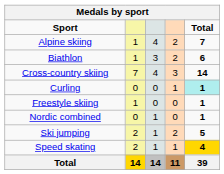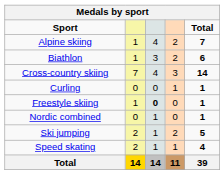 <table class="wikitable" style="font-size:85%; float:right; clear:right; min-width:308px">
 <tr style="background:#efefef;">
 <th colspan=5>Medals by sport</th>
 </tr>
 <tr align=center>
 <td><strong>Sport</strong></td>
 <td bgcolor=#f7f6a8></td>
 <td bgcolor=#dce5e5></td>
 <td bgcolor=#ffdab9></td>
 <td><strong>Total</strong></td>
 </tr>
 <tr align=center>
 <td><a href='#'>Alpine skiing</a></td>
 <td style="background:#F7F6A8;">1</td>
 <td style="background:#DCE5E5;">4</td>
 <td style="background:#FFDAB9;">2</td>
 <td><strong>7</strong></td>
 </tr>
 <tr align=center>
 <td><a href='#'>Biathlon</a></td>
 <td style="background:#F7F6A8;">1</td>
 <td style="background:#DCE5E5;">3</td>
 <td style="background:#FFDAB9;">2</td>
 <td><strong>6</strong></td>
 </tr>
 <tr align=center>
 <td><a href='#'>Cross-country skiing</a></td>
 <td style="background:#F7F6A8;">7</td>
 <td style="background:#DCE5E5;">4</td>
 <td style="background:#FFDAB9;">3</td>
 <td><strong>14</strong></td>
 </tr>
 <tr align=center>
 <td><a href='#'>Curling</a></td>
 <td style="background:#F7F6A8;">0</td>
 <td style="background:#DCE5E5;">0</td>
 <td style="background:#FFDAB9;">1</td>
-<td style="background: paleturquoise;"><strong>1</strong></td>
+<td><strong>1</strong></td>
 </tr>
 <tr align=center>
 <td><a href='#'>Freestyle skiing</a></td>
 <td style="background:#F7F6A8;">1</td>
-<td style="background:#DCE5E5;">0</td>
+<td style="background:#DCE5E5;"><strong>0</strong></td>
 <td style="background:#FFDAB9;">0</td>
 <td><strong>1</strong></td>
 </tr>
 <tr align=center>
 <td><a href='#'>Nordic combined</a></td>
 <td style="background:#F7F6A8;">0</td>
 <td style="background:#DCE5E5;">1</td>
 <td style="background:#FFDAB9;">0</td>
 <td><strong>1</strong></td>
 </tr>
 <tr align=center>
 <td><a href='#'>Ski jumping</a></td>
 <td style="background:#F7F6A8;">2</td>
 <td style="background:#DCE5E5;">1</td>
 <td style="background:#FFDAB9;">2</td>
 <td><strong>5</strong></td>
 </tr>
 <tr align=center>
 <td><a href='#'>Speed skating</a></td>
 <td style="background:#F7F6A8;">2</td>
 <td style="background:#DCE5E5;">1</td>
 <td style="background:#FFDAB9;">1</td>
-<td style="background: gold;"><strong>4</strong></td>
+<td><strong>4</strong></td>
 </tr>
 <tr align=center>
 <th>Total</th>
 <th style="background:gold;">14</th>
 <th style="background:silver;">14</th>
 <th style="background:#c96;">11</th>
 <th>39</th>
 </tr>
 </table>
